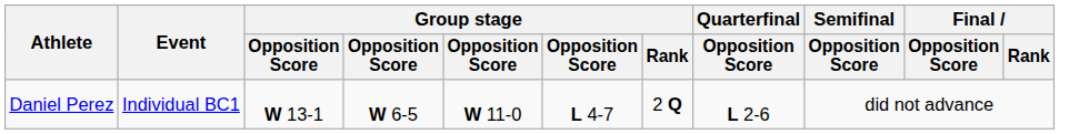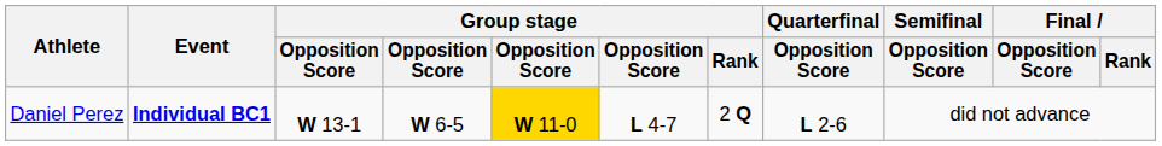 <table class="wikitable" style="font-size:90%; text-align:center">
 <tr>
 <th rowspan="2">Athlete</th>
 <th rowspan="2">Event</th>
 <th colspan="5">Group stage</th>
 <th>Quarterfinal</th>
 <th>Semifinal</th>
 <th colspan="2">Final / </th>
 </tr>
 <tr style="font-size:95%">
 <th>Opposition<br>Score</th>
 <th>Opposition<br>Score</th>
 <th>Opposition<br>Score</th>
 <th>Opposition<br>Score</th>
 <th>Rank</th>
 <th>Opposition<br>Score</th>
 <th>Opposition<br>Score</th>
 <th>Opposition<br>Score</th>
 <th>Rank</th>
 </tr>
 <tr>
 <td align="left"><a href='#'>Daniel Perez</a></td>
-<td align="left"><a href='#'>Individual BC1</a></td>
+<td align="left"><strong><a href='#'>Individual BC1</a></strong></td>
 <td><br><strong>W</strong> 13-1</td>
 <td><br><strong>W</strong> 6-5</td>
-<td><br><strong>W</strong> 11-0</td>
+<td style="background: gold;"><br><strong>W</strong> 11-0</td>
 <td><br><strong>L</strong> 4-7</td>
 <td>2 <strong>Q</strong></td>
 <td><br><strong>L</strong> 2-6</td>
 <td colspan=3>did not advance</td>
 </tr>
 </table>
